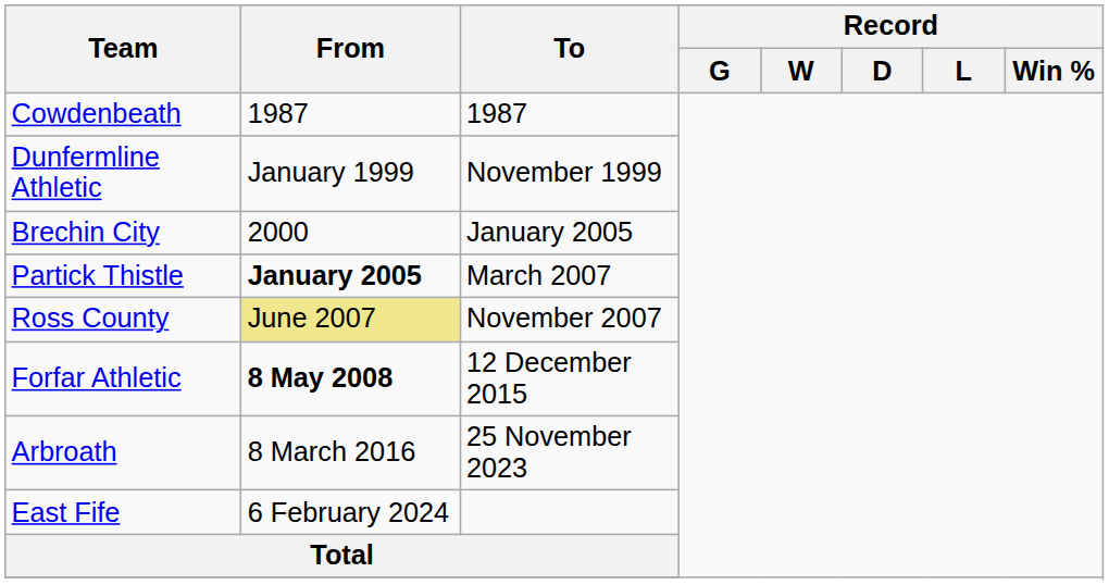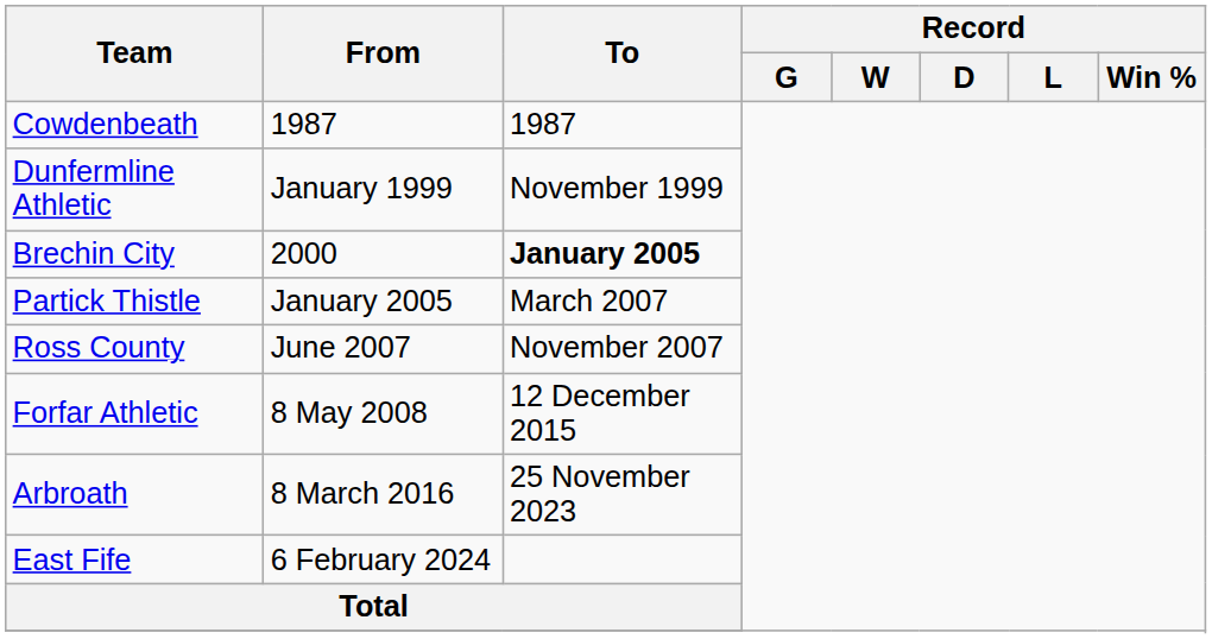 <table class="wikitable" style="text-align: center">
 <tr>
 <th rowspan="2!" style="width:130px;">Team</th>
 <th rowspan="2!" style="width:120px;">From</th>
 <th rowspan="2!" style="width:120px;">To</th>
 <th colspan=6>Record</th>
 </tr>
 <tr>
 <th width=40>G</th>
 <th width=40>W</th>
 <th width=40>D</th>
 <th width=40>L</th>
 <th width=50>Win %</th>
 </tr>
 <tr>
 <td align=left><a href='#'>Cowdenbeath</a></td>
 <td align=left>1987</td>
 <td align=left>1987<br></td>
 </tr>
 <tr>
 <td align=left><a href='#'>Dunfermline Athletic</a></td>
 <td align=left>January 1999</td>
 <td align=left>November 1999<br></td>
 </tr>
 <tr>
 <td align=left><a href='#'>Brechin City</a></td>
 <td align=left>2000</td>
-<td align=left>January 2005<br></td>
+<td align=left><strong>January 2005<br></strong></td>
 </tr>
 <tr>
 <td align=left><a href='#'>Partick Thistle</a></td>
-<td align=left><strong>January 2005</strong></td>
+<td align=left>January 2005</td>
 <td align=left>March 2007<br></td>
 </tr>
 <tr>
 <td align=left><a href='#'>Ross County</a></td>
-<td align=left style="background: khaki;">June 2007</td>
+<td align=left>June 2007</td>
 <td align=left>November 2007<br></td>
 </tr>
 <tr>
 <td align=left><a href='#'>Forfar Athletic</a></td>
-<td align=left><strong>8 May 2008</strong></td>
+<td align=left>8 May 2008</td>
 <td align=left>12 December 2015<br></td>
 </tr>
 <tr>
 <td align=left><a href='#'>Arbroath</a></td>
 <td align=left>8 March 2016</td>
 <td align=left>25 November 2023<br></td>
 </tr>
 <tr>
 <td align=left><a href='#'>East Fife</a></td>
 <td align=left>6 February 2024</td>
 <td align=left><br></td>
 </tr>
 <tr>
 <th colspan=3>Total<br></th>
 </tr>
 <tr>
 </tr>
 </table>
